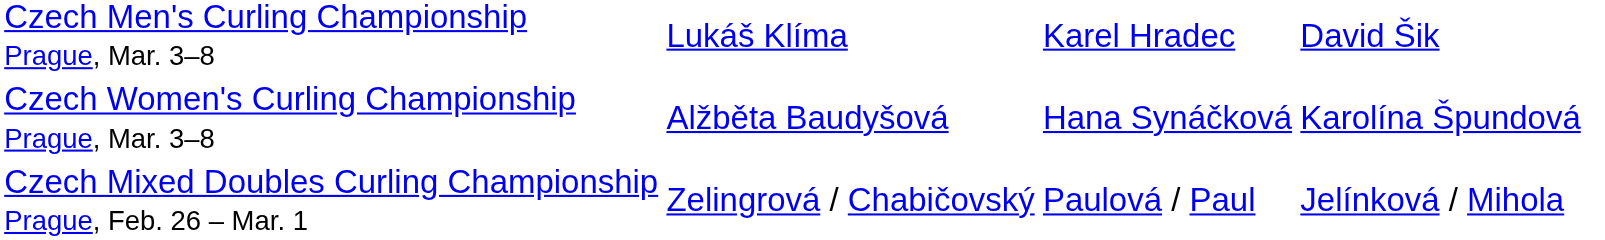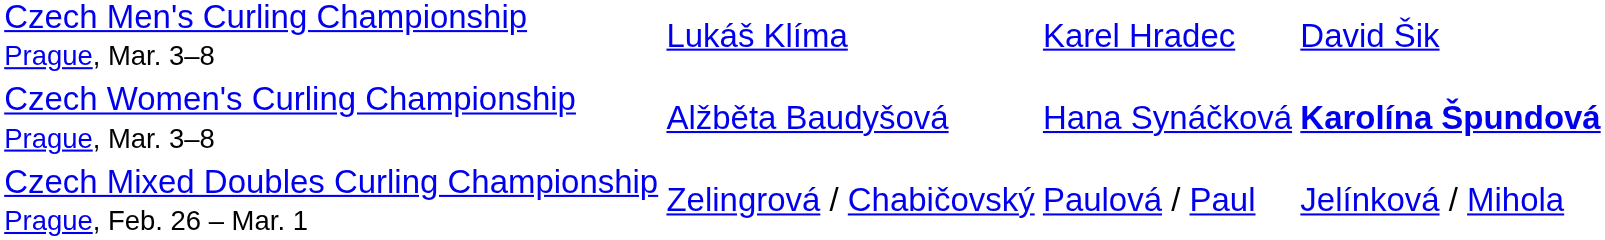 <table>
 <tr>
 <td><a href='#'>Czech Men's Curling Championship</a> <br> <small><a href='#'>Prague</a>, Mar. 3–8</small></td>
 <td><a href='#'>Lukáš Klíma</a></td>
 <td><a href='#'>Karel Hradec</a></td>
 <td><a href='#'>David Šik</a></td>
 </tr>
 <tr>
 <td><a href='#'>Czech Women's Curling Championship</a> <br> <small><a href='#'>Prague</a>, Mar. 3–8</small></td>
 <td><a href='#'>Alžběta Baudyšová</a></td>
 <td><a href='#'>Hana Synáčková</a></td>
-<td><a href='#'>Karolína Špundová</a></td>
+<td><strong><a href='#'>Karolína Špundová</a></strong></td>
 </tr>
 <tr>
 <td><a href='#'>Czech Mixed Doubles Curling Championship</a> <br> <small><a href='#'>Prague</a>, Feb. 26 – Mar. 1</small></td>
 <td><a href='#'>Zelingrová</a> / <a href='#'>Chabičovský</a></td>
 <td><a href='#'>Paulová</a> / <a href='#'>Paul</a></td>
 <td><a href='#'>Jelínková</a> / <a href='#'>Mihola</a></td>
 </tr>
 </table>
